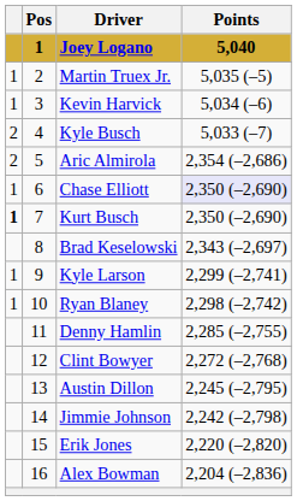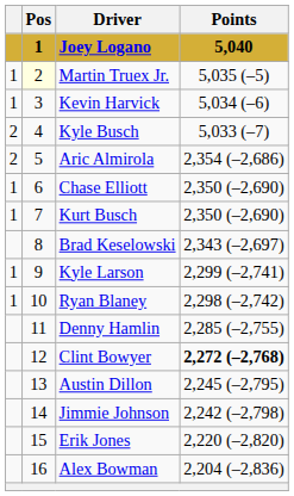 <table class="wikitable" style="font-size: 95%">
 <tr>
 <th></th>
 <th>Pos</th>
 <th>Driver</th>
 <th>Points</th>
 </tr>
 <tr style="background:#D4AF37;">
 <td align="left"></td>
 <td style="text-align:center;"><strong>1</strong></td>
 <td><strong><a href='#'>Joey Logano</a></strong></td>
 <td style="text-align:center;"><strong>5,040</strong></td>
 </tr>
 <tr>
 <td align="left"> 1</td>
-<td style="text-align:center;">2</td>
+<td style="background: lightyellow; text-align:center;">2</td>
 <td><a href='#'>Martin Truex Jr.</a></td>
 <td style="text-align:center;">5,035 (–5)</td>
 </tr>
 <tr>
 <td align="left"> 1</td>
 <td style="text-align:center;">3</td>
 <td><a href='#'>Kevin Harvick</a></td>
 <td style="text-align:center;">5,034 (–6)</td>
 </tr>
 <tr>
 <td align="left"> 2</td>
 <td style="text-align:center;">4</td>
 <td><a href='#'>Kyle Busch</a></td>
 <td style="text-align:center;">5,033 (–7)</td>
 </tr>
 <tr>
 <td align="left"> 2</td>
 <td style="text-align:center;">5</td>
 <td><a href='#'>Aric Almirola</a></td>
 <td style="text-align:center;">2,354 (–2,686)</td>
 </tr>
 <tr>
 <td align="left"> 1</td>
 <td style="text-align:center;">6</td>
 <td><a href='#'>Chase Elliott</a></td>
-<td style="background: lavender; text-align:center;">2,350 (–2,690)</td>
+<td style="text-align:center;">2,350 (–2,690)</td>
 </tr>
 <tr>
-<td align="left"><strong> 1</strong></td>
+<td align="left"> 1</td>
 <td style="text-align:center;">7</td>
 <td><a href='#'>Kurt Busch</a></td>
 <td style="text-align:center;">2,350 (–2,690)</td>
 </tr>
 <tr>
 <td align="left"></td>
 <td style="text-align:center;">8</td>
 <td><a href='#'>Brad Keselowski</a></td>
 <td style="text-align:center;">2,343 (–2,697)</td>
 </tr>
 <tr>
 <td align="left"> 1</td>
 <td style="text-align:center;">9</td>
 <td><a href='#'>Kyle Larson</a></td>
 <td style="text-align:center;">2,299 (–2,741)</td>
 </tr>
 <tr>
 <td align="left"> 1</td>
 <td style="text-align:center;">10</td>
 <td><a href='#'>Ryan Blaney</a></td>
 <td style="text-align:center;">2,298 (–2,742)</td>
 </tr>
 <tr>
 <td align="left"></td>
 <td style="text-align:center;">11</td>
 <td><a href='#'>Denny Hamlin</a></td>
 <td style="text-align:center;">2,285 (–2,755)</td>
 </tr>
 <tr>
 <td align="left"></td>
 <td style="text-align:center;">12</td>
 <td><a href='#'>Clint Bowyer</a></td>
-<td style="text-align:center;">2,272 (–2,768)</td>
+<td style="text-align:center;"><strong>2,272 (–2,768)</strong></td>
 </tr>
 <tr>
 <td align="left"></td>
 <td style="text-align:center;">13</td>
 <td><a href='#'>Austin Dillon</a></td>
 <td style="text-align:center;">2,245 (–2,795)</td>
 </tr>
 <tr>
 <td align="left"></td>
 <td style="text-align:center;">14</td>
 <td><a href='#'>Jimmie Johnson</a></td>
 <td style="text-align:center;">2,242 (–2,798)</td>
 </tr>
 <tr>
 <td align="left"></td>
 <td style="text-align:center;">15</td>
 <td><a href='#'>Erik Jones</a></td>
 <td style="text-align:center;">2,220 (–2,820)</td>
 </tr>
 <tr>
 <td align="left"></td>
 <td style="text-align:center;">16</td>
 <td><a href='#'>Alex Bowman</a></td>
 <td style="text-align:center;">2,204 (–2,836)</td>
 </tr>
 <tr class="sortbottom">
 <th colspan="9"></th>
 </tr>
 </table>
